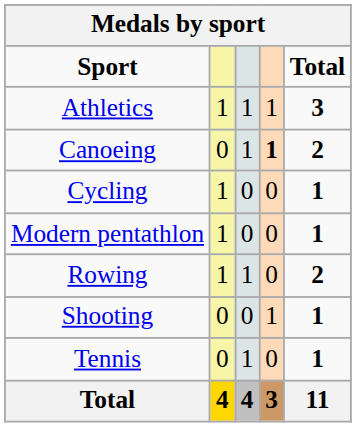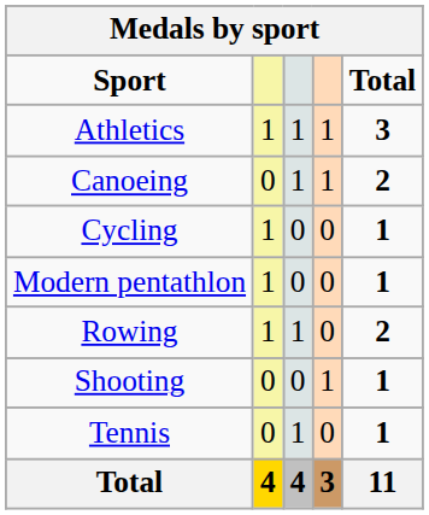 <table class=wikitable style="font-size:85%; float:left;text-align:center">
 <tr bgcolor=efefef>
 <th colspan=7>Medals by sport</th>
 </tr>
 <tr align=center>
 <td><strong>Sport</strong></td>
 <td bgcolor=#f7f6a8></td>
 <td bgcolor=#dce5e5></td>
 <td bgcolor=#ffdab9></td>
 <td><strong>Total</strong></td>
 </tr>
 <tr align=center>
 <td><a href='#'>Athletics</a></td>
 <td bgcolor=F7F6A8>1</td>
 <td bgcolor=DCE5E5>1</td>
 <td bgcolor=FFDAB9>1</td>
 <td><strong>3</strong></td>
 </tr>
 <tr align=center>
 <td><a href='#'>Canoeing</a></td>
 <td bgcolor=F7F6A8>0</td>
 <td bgcolor=DCE5E5>1</td>
-<td bgcolor=FFDAB9><strong>1</strong></td>
+<td bgcolor=FFDAB9>1</td>
 <td><strong>2</strong></td>
 </tr>
 <tr align=center>
 <td><a href='#'>Cycling</a></td>
 <td bgcolor=F7F6A8>1</td>
 <td bgcolor=DCE5E5>0</td>
 <td bgcolor=FFDAB9>0</td>
 <td><strong>1</strong></td>
 </tr>
 <tr align=center>
 <td><a href='#'>Modern pentathlon</a></td>
 <td bgcolor=F7F6A8>1</td>
 <td bgcolor=DCE5E5>0</td>
 <td bgcolor=FFDAB9>0</td>
 <td><strong>1</strong></td>
 </tr>
 <tr align=center>
 <td><a href='#'>Rowing</a></td>
 <td bgcolor=F7F6A8>1</td>
 <td bgcolor=DCE5E5>1</td>
 <td bgcolor=FFDAB9>0</td>
 <td><strong>2</strong></td>
 </tr>
 <tr align=center>
 <td><a href='#'>Shooting</a></td>
 <td bgcolor=F7F6A8>0</td>
 <td bgcolor=DCE5E5>0</td>
 <td bgcolor=FFDAB9>1</td>
 <td><strong>1</strong></td>
 </tr>
 <tr align=center>
 <td><a href='#'>Tennis</a></td>
 <td bgcolor=F7F6A8>0</td>
 <td bgcolor=DCE5E5>1</td>
 <td bgcolor=FFDAB9>0</td>
 <td><strong>1</strong></td>
 </tr>
 <tr align=center>
 <th>Total</th>
 <th style="background:gold">4</th>
 <th style="background:silver">4</th>
 <th style="background:#c96">3</th>
 <th>11</th>
 </tr>
 </table>
